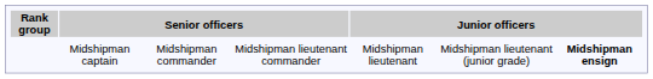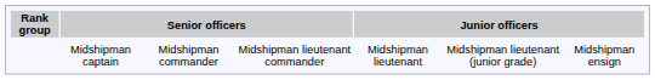 <table style="border:1px solid #8888aa; background-color:#f7f8ff; padding:5px; font-size:95%; margin: 0px 12px 12px 0px; text-align:center;">
 <tr bgcolor="#CCCCCC">
 <th>Rank group</th>
 <th colspan=3>Senior officers</th>
 <th colspan=3>Junior officers</th>
 </tr>
 <tr>
 <td rowspan=2></td>
 <td></td>
 <td></td>
 <td></td>
 <td></td>
 <td></td>
 <td></td>
 </tr>
 <tr>
 <td>Midshipman captain</td>
 <td>Midshipman commander</td>
 <td>Midshipman lieutenant commander</td>
 <td>Midshipman lieutenant</td>
 <td>Midshipman lieutenant (junior grade)</td>
-<td><strong>Midshipman ensign</strong></td>
+<td>Midshipman ensign</td>
 </tr>
 </table>
